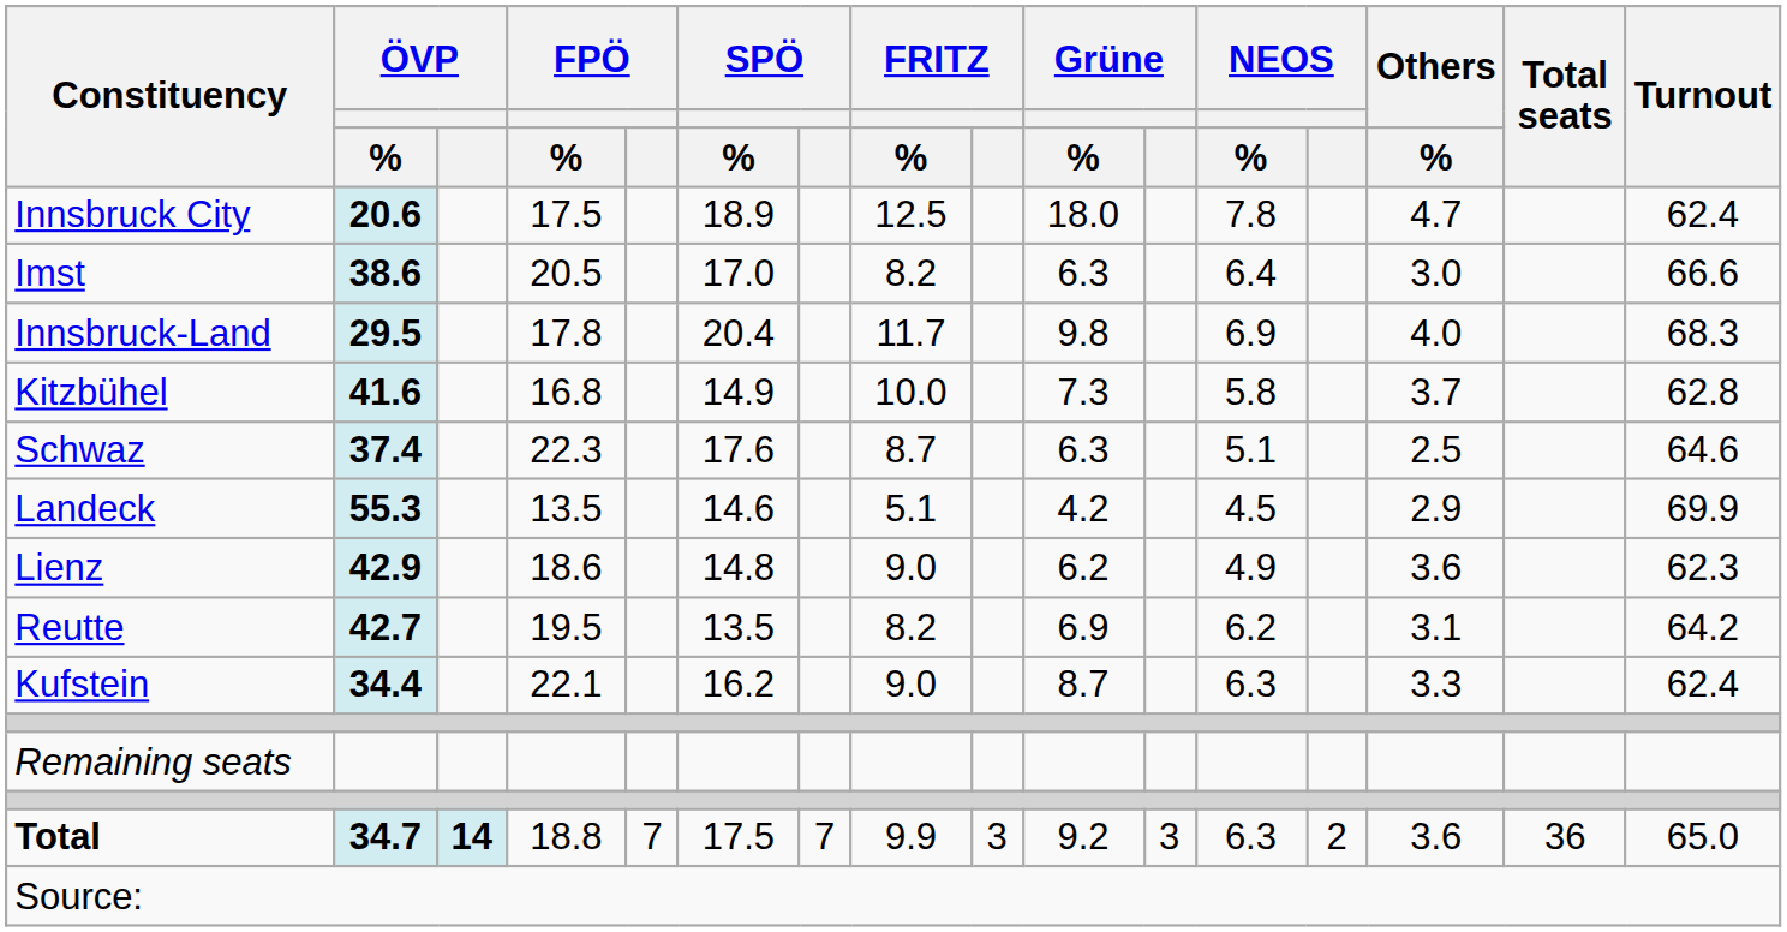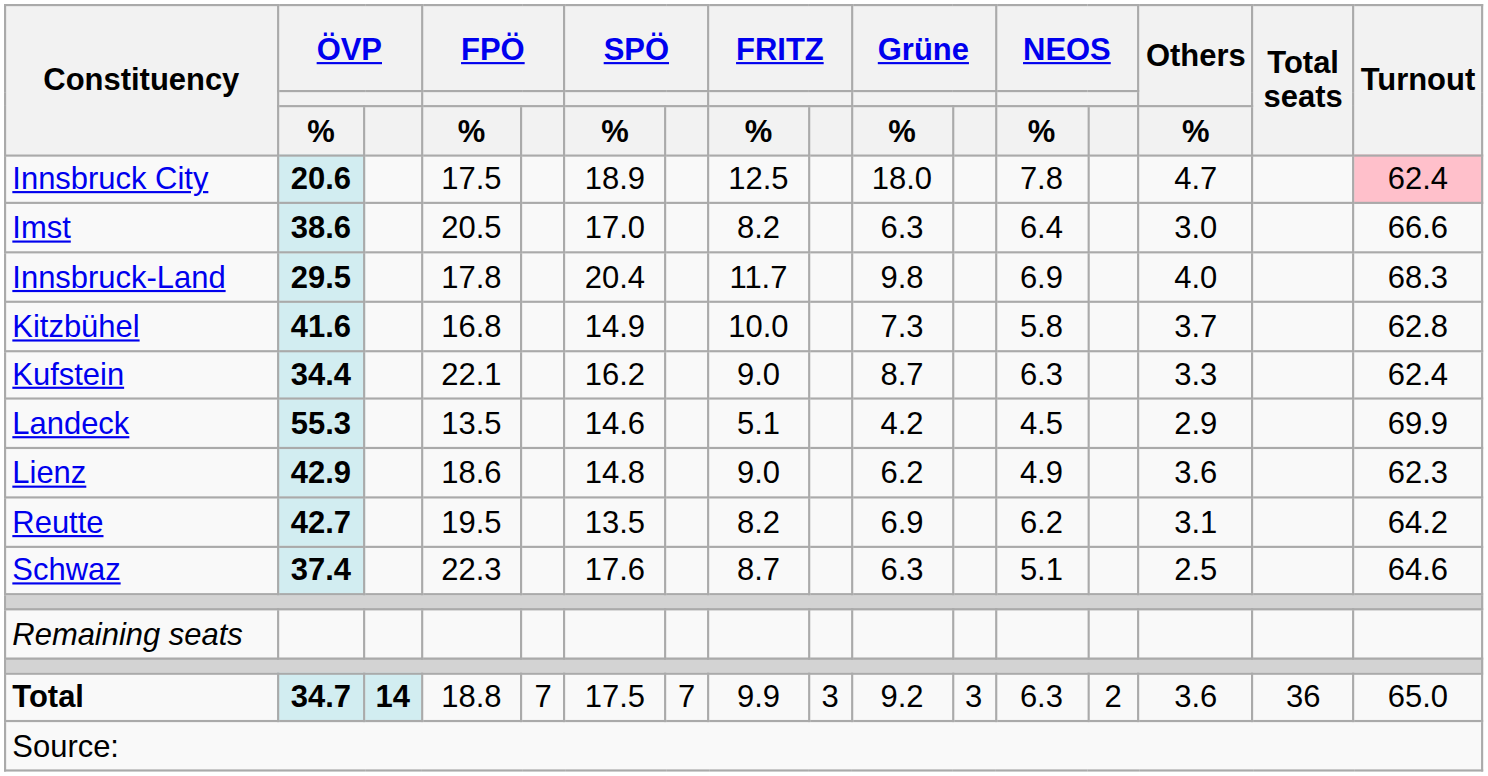 <table class="wikitable" style="text-align:center;font-size:90%;line-height:16px">
 <tr style="height:40px;">
 <th style="width:120px;" rowspan="3">Constituency</th>
 <th style="width:60px;" colspan="2"><a href='#'>ÖVP</a></th>
 <th style="width:60px;" colspan="2"><a href='#'>FPÖ</a></th>
 <th style="width:60px;" colspan="2"><a href='#'>SPÖ</a></th>
 <th style="width:60px;" colspan="2"><a href='#'>FRITZ</a></th>
 <th style="width:60px;" colspan="2"><a href='#'>Grüne</a></th>
 <th style="width:60px;" colspan="2"><a href='#'>NEOS</a></th>
 <th class="unsortable" style="width:40px;" rowspan="2">Others</th>
 <th class="unsortable" style="width:40px;" rowspan="3">Total<br>seats</th>
 <th class="unsortable" style="width:40px;" rowspan="3">Turnout</th>
 </tr>
 <tr>
 <th colspan="2" style="background:"></th>
 <th colspan="2" style="background:"></th>
 <th colspan="2" style="background:"></th>
 <th colspan="2" style="background:"></th>
 <th colspan="2" style="background:"></th>
 <th colspan="2" style="background:"></th>
 </tr>
 <tr>
 <th class=unsortable>%</th>
 <th class=unsortable></th>
 <th class=unsortable>%</th>
 <th class=unsortable></th>
 <th class=unsortable>%</th>
 <th class=unsortable></th>
 <th class=unsortable>%</th>
 <th class=unsortable></th>
 <th class=unsortable>%</th>
 <th class=unsortable></th>
 <th class=unsortable>%</th>
 <th class=unsortable></th>
 <th class=unsortable>%</th>
 </tr>
 <tr>
 <td align=left><a href='#'>Innsbruck City</a></td>
 <td bgcolor=#D2EDF1><strong>20.6</strong></td>
 <td></td>
 <td>17.5</td>
 <td></td>
 <td>18.9</td>
 <td></td>
 <td>12.5</td>
 <td></td>
 <td>18.0</td>
 <td></td>
 <td>7.8</td>
 <td></td>
 <td>4.7</td>
 <td></td>
-<td>62.4</td>
+<td style="background: pink;">62.4</td>
 </tr>
 <tr>
 <td align=left><a href='#'>Imst</a></td>
 <td bgcolor=#D2EDF1><strong>38.6</strong></td>
 <td></td>
 <td>20.5</td>
 <td></td>
 <td>17.0</td>
 <td></td>
 <td>8.2</td>
 <td></td>
 <td>6.3</td>
 <td></td>
 <td>6.4</td>
 <td></td>
 <td>3.0</td>
 <td></td>
 <td>66.6</td>
 </tr>
 <tr>
 <td align=left><a href='#'>Innsbruck-Land</a></td>
 <td bgcolor=#D2EDF1><strong>29.5</strong></td>
 <td></td>
 <td>17.8</td>
 <td></td>
 <td>20.4</td>
 <td></td>
 <td>11.7</td>
 <td></td>
 <td>9.8</td>
 <td></td>
 <td>6.9</td>
 <td></td>
 <td>4.0</td>
 <td></td>
 <td>68.3</td>
 </tr>
 <tr>
 <td align=left><a href='#'>Kitzbühel</a></td>
 <td bgcolor=#D2EDF1><strong>41.6</strong></td>
 <td></td>
 <td>16.8</td>
 <td></td>
 <td>14.9</td>
 <td></td>
 <td>10.0</td>
 <td></td>
 <td>7.3</td>
 <td></td>
 <td>5.8</td>
 <td></td>
 <td>3.7</td>
 <td></td>
 <td>62.8</td>
 </tr>
 <tr>
-<td align=left><a href='#'>Schwaz</a></td>
-<td bgcolor=#D2EDF1><strong>37.4</strong></td>
+<td align=left><a href='#'>Kufstein</a></td>
+<td bgcolor=#D2EDF1><strong>34.4</strong></td>
 <td></td>
-<td>22.3</td>
+<td>22.1</td>
 <td></td>
-<td>17.6</td>
+<td>16.2</td>
+<td></td>
+<td>9.0</td>
 <td></td>
 <td>8.7</td>
 <td></td>
 <td>6.3</td>
 <td></td>
-<td>5.1</td>
+<td>3.3</td>
 <td></td>
-<td>2.5</td>
-<td></td>
-<td>64.6</td>
+<td>62.4</td>
 </tr>
 <tr>
 <td align=left><a href='#'>Landeck</a></td>
 <td bgcolor=#D2EDF1><strong>55.3</strong></td>
 <td></td>
 <td>13.5</td>
 <td></td>
 <td>14.6</td>
 <td></td>
 <td>5.1</td>
 <td></td>
 <td>4.2</td>
 <td></td>
 <td>4.5</td>
 <td></td>
 <td>2.9</td>
 <td></td>
 <td>69.9</td>
 </tr>
 <tr>
 <td align=left><a href='#'>Lienz</a></td>
 <td bgcolor=#D2EDF1><strong>42.9</strong></td>
 <td></td>
 <td>18.6</td>
 <td></td>
 <td>14.8</td>
 <td></td>
 <td>9.0</td>
 <td></td>
 <td>6.2</td>
 <td></td>
 <td>4.9</td>
 <td></td>
 <td>3.6</td>
 <td></td>
 <td>62.3</td>
 </tr>
 <tr>
 <td align=left><a href='#'>Reutte</a></td>
 <td bgcolor=#D2EDF1><strong>42.7</strong></td>
 <td></td>
 <td>19.5</td>
 <td></td>
 <td>13.5</td>
 <td></td>
 <td>8.2</td>
 <td></td>
 <td>6.9</td>
 <td></td>
 <td>6.2</td>
 <td></td>
 <td>3.1</td>
 <td></td>
 <td>64.2</td>
 </tr>
 <tr>
-<td align=left><a href='#'>Kufstein</a></td>
-<td bgcolor=#D2EDF1><strong>34.4</strong></td>
+<td align=left><a href='#'>Schwaz</a></td>
+<td bgcolor=#D2EDF1><strong>37.4</strong></td>
 <td></td>
-<td>22.1</td>
+<td>22.3</td>
 <td></td>
-<td>16.2</td>
-<td></td>
-<td>9.0</td>
+<td>17.6</td>
 <td></td>
 <td>8.7</td>
 <td></td>
 <td>6.3</td>
 <td></td>
-<td>3.3</td>
+<td>5.1</td>
 <td></td>
-<td>62.4</td>
+<td>2.5</td>
+<td></td>
+<td>64.6</td>
 </tr>
 <tr>
 <td colspan=16 bgcolor=lightgrey></td>
 </tr>
 <tr>
 <td align=left><em>Remaining seats</em></td>
 <td></td>
 <td></td>
 <td></td>
 <td></td>
 <td></td>
 <td></td>
 <td></td>
 <td></td>
 <td></td>
 <td></td>
 <td></td>
 <td></td>
 <td></td>
 <td></td>
 <td></td>
 </tr>
 <tr>
 <td colspan=16 bgcolor=lightgrey></td>
 </tr>
 <tr>
 <td align=left><strong>Total</strong></td>
 <td bgcolor=#D2EDF1><strong>34.7</strong></td>
 <td bgcolor=#D2EDF1><strong>14</strong></td>
 <td>18.8</td>
 <td>7</td>
 <td>17.5</td>
 <td>7</td>
 <td>9.9</td>
 <td>3</td>
 <td>9.2</td>
 <td>3</td>
 <td>6.3</td>
 <td>2</td>
 <td>3.6</td>
 <td>36</td>
 <td>65.0</td>
 </tr>
 <tr class=sortbottom>
 <td colspan=16 align=left>Source: </td>
 </tr>
 </table>
